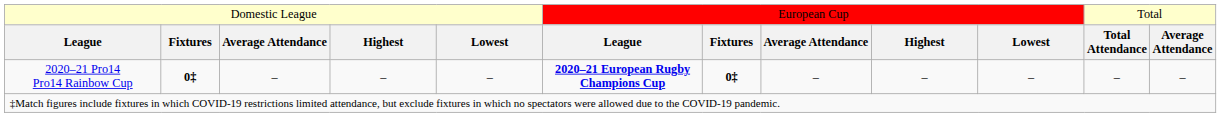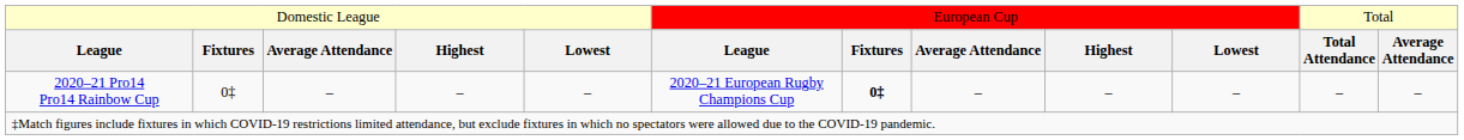 <table class="wikitable sortable" style="font-size:90%; width:90%;">
 <tr>
 <td colspan="5" class="wikitable sortable" style="width:45%; background:#ffffcc; text-align:center;"><span>Domestic League</span></td>
 <td colspan="5" class="wikitable sortable" style="width:45%; background:#f00; text-align:center;"><span>European Cup</span></td>
 <td colspan="2" class="wikitable sortable" style="width:45%; background:#ffffcc; text-align:center;"><span>Total</span></td>
 </tr>
 <tr>
 <th style="width:15%;">League</th>
 <th style="width:5%;">Fixtures</th>
 <th style="width:10%;">Average Attendance</th>
 <th style="width:10%;">Highest</th>
 <th style="width:10%;">Lowest</th>
 <th style="width:15%;">League</th>
 <th style="width:5%;">Fixtures</th>
 <th style="width:10%;">Average Attendance</th>
 <th style="width:10%;">Highest</th>
 <th style="width:10%;">Lowest</th>
 <th style="width:10%;">Total Attendance</th>
 <th style="width:10%;">Average Attendance</th>
 </tr>
 <tr>
 <td align=center><a href='#'>2020–21 Pro14</a> <br> <a href='#'>Pro14 Rainbow Cup</a></td>
-<td align=center><strong>0‡</strong></td>
+<td align=center>0‡</td>
 <td align=center>–</td>
 <td align=center>–</td>
 <td align=center>–</td>
-<td align=center><strong><a href='#'>2020–21 European Rugby Champions Cup</a></strong></td>
+<td align=center><a href='#'>2020–21 European Rugby Champions Cup</a></td>
 <td align=center><strong>0‡</strong></td>
 <td align=center>–</td>
 <td align=center>–</td>
 <td align=center>–</td>
 <td align=center>–</td>
 <td align=center>–</td>
 </tr>
 <tr>
 <td colspan="12" style="text-align: left;font-size:90%"> ‡Match figures include fixtures in which COVID-19 restrictions limited attendance, but exclude fixtures in which no spectators were allowed due to the COVID-19 pandemic.</td>
 </tr>
 </table>
